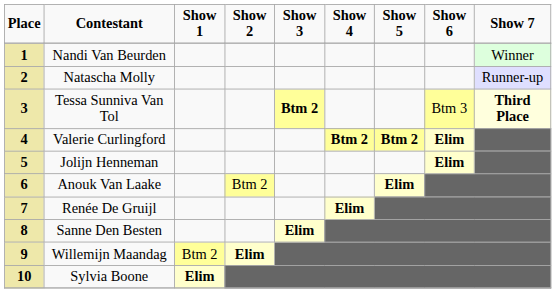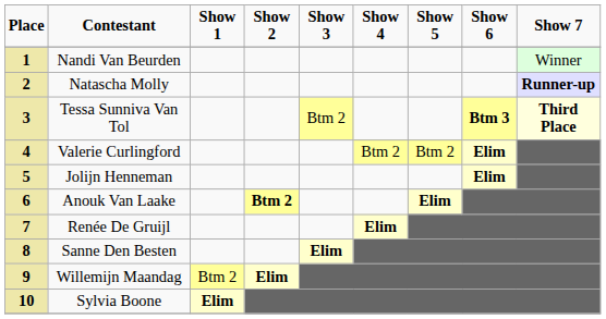 <table class="wikitable" style="text-align:center;">
 <tr>
 <td><strong>Place</strong></td>
 <td><strong>Contestant</strong></td>
 <td><strong>Show 1</strong></td>
 <td><strong>Show 2</strong></td>
 <td><strong>Show 3</strong></td>
 <td><strong>Show 4</strong></td>
 <td><strong>Show 5</strong></td>
 <td><strong>Show 6</strong></td>
 <td><strong>Show 7</strong></td>
 </tr>
 <tr>
 </tr>
 <tr>
 <td align="center" bgcolor="palegoldenrod"><strong>1</strong></td>
 <td>Nandi Van Beurden</td>
 <td></td>
 <td></td>
 <td></td>
 <td></td>
 <td></td>
 <td></td>
 <td style="background:#ddffdd;">Winner</td>
 </tr>
 <tr>
 <td align="center" bgcolor="palegoldenrod"><strong>2</strong></td>
 <td>Natascha Molly</td>
 <td></td>
 <td></td>
 <td></td>
 <td></td>
 <td></td>
 <td></td>
-<td style="background:#dfdfff;">Runner-up</td>
+<td style="background:#dfdfff;"><strong>Runner-up</strong></td>
 </tr>
 <tr>
 <td align="center" bgcolor="palegoldenrod"><strong>3</strong></td>
 <td>Tessa Sunniva Van Tol</td>
 <td></td>
 <td></td>
-<td align="center" bgcolor="#FFFF99"><strong>Btm 2</strong></td>
+<td align="center" bgcolor="#FFFF99">Btm 2</td>
 <td></td>
 <td></td>
-<td align="center" bgcolor="#FFFF99">Btm 3</td>
+<td align="center" bgcolor="#FFFF99"><strong>Btm 3</strong></td>
 <td style="background:#ffffdd;"><strong>Third Place</strong></td>
 </tr>
 <tr>
 <td align="center" bgcolor="palegoldenrod"><strong>4</strong></td>
 <td>Valerie Curlingford</td>
 <td></td>
 <td></td>
 <td></td>
-<td align="center" bgcolor="#FFFF99"><strong>Btm 2</strong></td>
-<td align="center" bgcolor="#FFFF99"><strong>Btm 2</strong></td>
+<td align="center" bgcolor="#FFFF99">Btm 2</td>
+<td align="center" bgcolor="#FFFF99">Btm 2</td>
 <td align="center" bgcolor="#FFFFCC"><strong>Elim</strong></td>
 <td colspan=1 bgcolor="666666"></td>
 </tr>
 <tr>
 <td align="center" bgcolor="palegoldenrod"><strong>5</strong></td>
 <td>Jolijn Henneman</td>
 <td></td>
 <td></td>
 <td></td>
 <td></td>
 <td></td>
 <td align="center" bgcolor="#FFFFCC"><strong>Elim</strong></td>
 <td colspan=1 bgcolor="666666"></td>
 </tr>
 <tr>
 <td align="center" bgcolor="palegoldenrod"><strong>6</strong></td>
 <td>Anouk Van Laake</td>
 <td></td>
-<td align="center" bgcolor="#FFFF99">Btm 2</td>
+<td align="center" bgcolor="#FFFF99"><strong>Btm 2</strong></td>
 <td></td>
 <td></td>
 <td align="center" bgcolor="#FFFFCC"><strong>Elim</strong></td>
 <td colspan=2 bgcolor="666666"></td>
 </tr>
 <tr>
 <td align="center" bgcolor="palegoldenrod"><strong>7</strong></td>
 <td>Renée De Gruijl</td>
 <td></td>
 <td></td>
 <td></td>
 <td align="center" bgcolor="#FFFFCC"><strong>Elim</strong></td>
 <td colspan=3 bgcolor="666666"></td>
 </tr>
 <tr>
 <td align="center" bgcolor="palegoldenrod"><strong>8</strong></td>
 <td>Sanne Den Besten</td>
 <td></td>
 <td></td>
 <td align="center" bgcolor="#FFFFCC"><strong>Elim</strong></td>
 <td colspan=4 bgcolor="666666"></td>
 </tr>
 <tr>
 <td align="center" bgcolor="palegoldenrod"><strong>9</strong></td>
 <td>Willemijn Maandag</td>
 <td align="center" bgcolor="#FFFF99">Btm 2</td>
 <td align="center" bgcolor="#FFFFCC"><strong>Elim</strong></td>
 <td colspan=5 bgcolor="666666"></td>
 </tr>
 <tr>
 <td align="center" bgcolor="palegoldenrod"><strong>10</strong></td>
 <td>Sylvia Boone</td>
 <td align="center" bgcolor="#FFFFCC"><strong>Elim</strong></td>
 <td colspan=6 bgcolor="666666"></td>
 </tr>
 <tr>
 </tr>
 </table>
